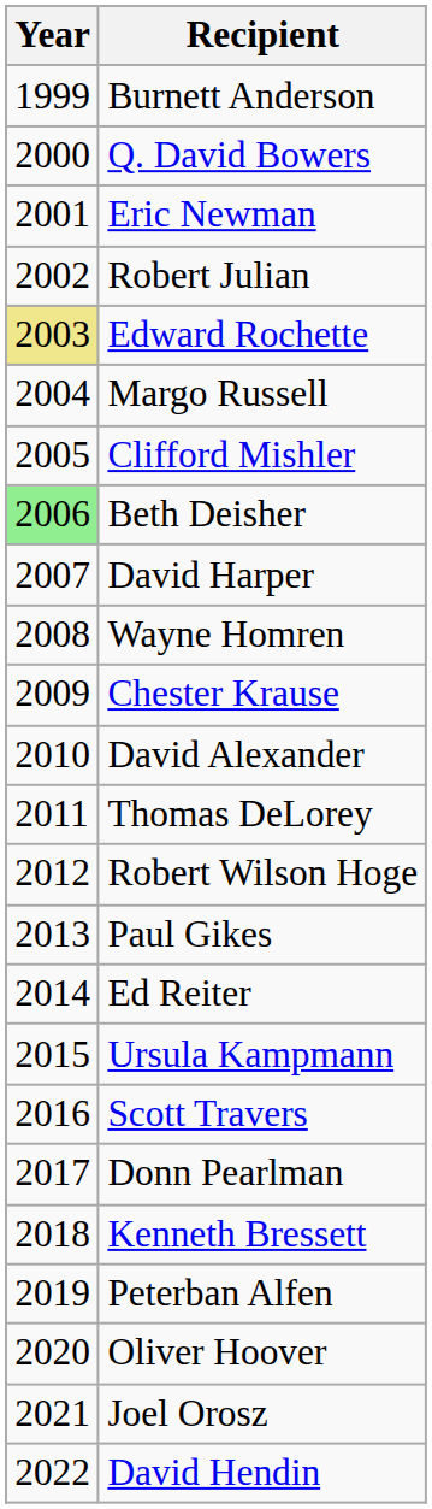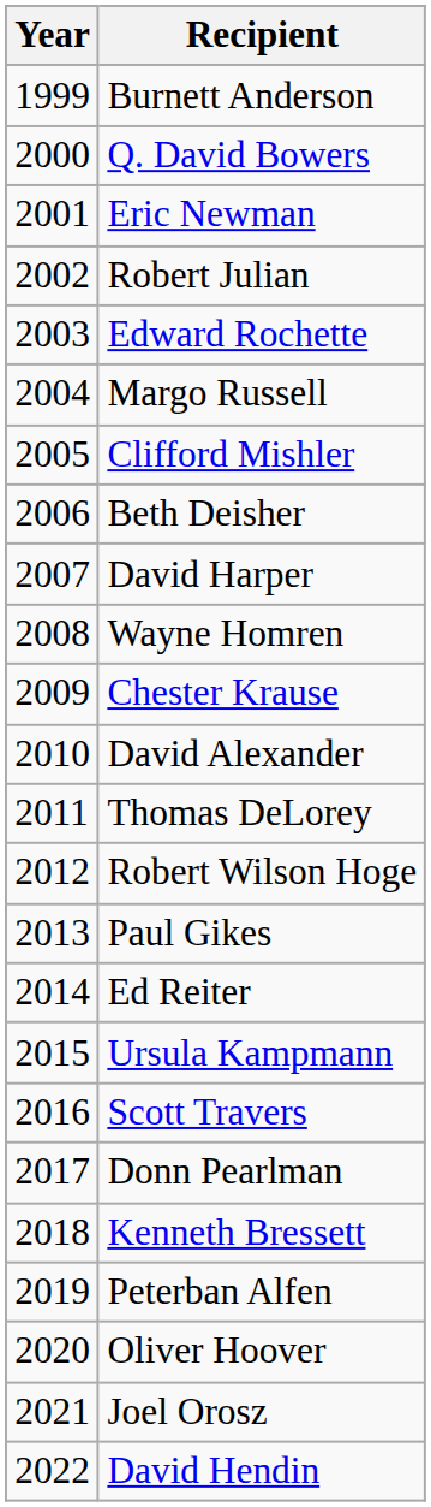 <table class="wikitable">
 <tr>
 <th>Year</th>
 <th>Recipient</th>
 </tr>
 <tr>
 <td>1999</td>
 <td>Burnett Anderson</td>
 </tr>
 <tr>
 <td>2000</td>
 <td><a href='#'>Q. David Bowers</a></td>
 </tr>
 <tr>
 <td>2001</td>
 <td><a href='#'>Eric Newman</a></td>
 </tr>
 <tr>
 <td>2002</td>
 <td>Robert Julian</td>
 </tr>
 <tr>
-<td style="background: khaki;">2003</td>
+<td>2003</td>
 <td><a href='#'>Edward Rochette</a></td>
 </tr>
 <tr>
 <td>2004</td>
 <td>Margo Russell</td>
 </tr>
 <tr>
 <td>2005</td>
 <td><a href='#'>Clifford Mishler</a></td>
 </tr>
 <tr>
-<td style="background: lightgreen;">2006</td>
+<td>2006</td>
 <td>Beth Deisher</td>
 </tr>
 <tr>
 <td>2007</td>
 <td>David Harper</td>
 </tr>
 <tr>
 <td>2008</td>
 <td>Wayne Homren</td>
 </tr>
 <tr>
 <td>2009</td>
 <td><a href='#'>Chester Krause</a></td>
 </tr>
 <tr>
 <td>2010</td>
 <td>David Alexander</td>
 </tr>
 <tr>
 <td>2011</td>
 <td>Thomas DeLorey</td>
 </tr>
 <tr>
 <td>2012</td>
 <td>Robert Wilson Hoge</td>
 </tr>
 <tr>
 <td>2013</td>
 <td>Paul Gikes</td>
 </tr>
 <tr>
 <td>2014</td>
 <td>Ed Reiter</td>
 </tr>
 <tr>
 <td>2015</td>
 <td><a href='#'>Ursula Kampmann</a></td>
 </tr>
 <tr>
 <td>2016</td>
 <td><a href='#'>Scott Travers</a></td>
 </tr>
 <tr>
 <td>2017</td>
 <td>Donn Pearlman</td>
 </tr>
 <tr>
 <td>2018</td>
 <td><a href='#'>Kenneth Bressett</a></td>
 </tr>
 <tr>
 <td>2019</td>
 <td>Peterban Alfen</td>
 </tr>
 <tr>
 <td>2020</td>
 <td>Oliver Hoover</td>
 </tr>
 <tr>
 <td>2021</td>
 <td>Joel Orosz</td>
 </tr>
 <tr>
 <td>2022</td>
 <td><a href='#'>David Hendin</a></td>
 </tr>
 </table>
